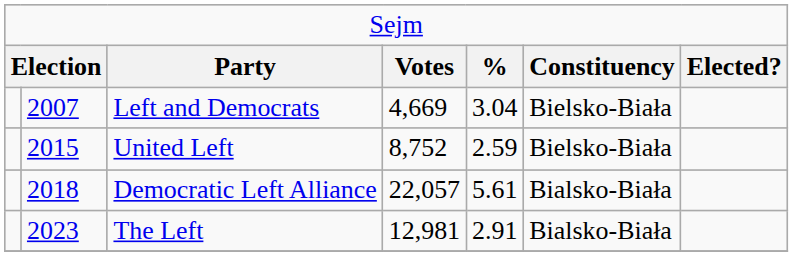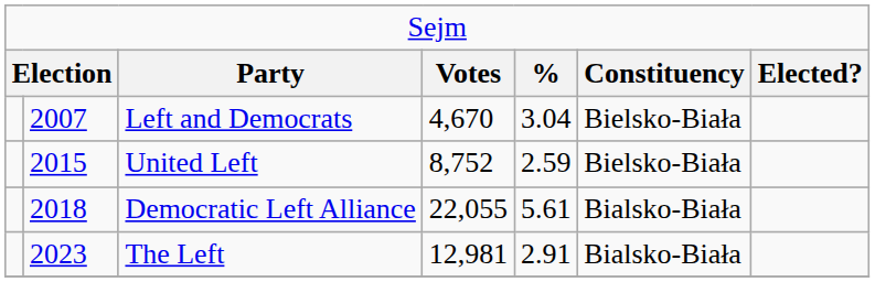 <table class = 'wikitable'>
 <tr>
 <td colspan="7" style="text-align:center;"><a href='#'>Sejm</a></td>
 </tr>
 <tr>
 <th colspan="2">Election</th>
 <th>Party</th>
 <th>Votes</th>
 <th>%</th>
 <th>Constituency</th>
 <th>Elected?</th>
 </tr>
 <tr>
 <td style="background-color: "></td>
 <td><a href='#'>2007</a></td>
 <td><a href='#'>Left and Democrats</a></td>
-<td>4,669</td>
+<td>4,670</td>
 <td>3.04</td>
 <td>Bielsko-Biała</td>
 <td></td>
 </tr>
 <tr>
 <td style="background-color: "></td>
 <td><a href='#'>2015</a></td>
 <td><a href='#'>United Left</a></td>
 <td>8,752</td>
 <td>2.59</td>
 <td>Bielsko-Biała</td>
 <td></td>
 </tr>
 <tr>
 <td style="background-color: "></td>
 <td><a href='#'>2018</a></td>
 <td><a href='#'>Democratic Left Alliance</a></td>
-<td>22,057</td>
+<td>22,055</td>
 <td>5.61</td>
 <td>Bialsko-Biała</td>
 <td></td>
 </tr>
 <tr>
 <td style="background-color: "></td>
 <td><a href='#'>2023</a></td>
 <td><a href='#'>The Left</a></td>
 <td>12,981</td>
 <td>2.91</td>
 <td>Bialsko-Biała</td>
 <td></td>
 </tr>
 <tr>
 </tr>
 </table>
